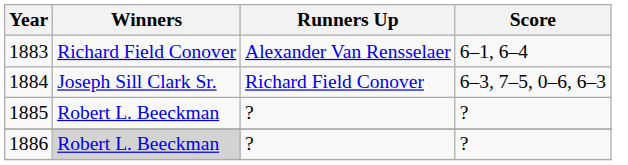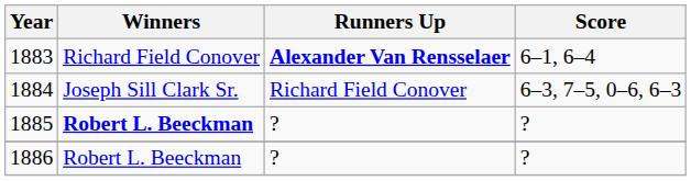 <table class="wikitable sortable">
 <tr>
 <th>Year</th>
 <th>Winners</th>
 <th>Runners Up</th>
 <th class="unsortable">Score</th>
 </tr>
 <tr>
 <td>1883 </td>
 <td> <a href='#'>Richard Field Conover</a></td>
-<td> <a href='#'>Alexander Van Rensselaer</a></td>
+<td><strong> <a href='#'>Alexander Van Rensselaer</a></strong></td>
 <td>6–1, 6–4 </td>
 </tr>
 <tr>
 <td>1884 </td>
 <td> <a href='#'>Joseph Sill Clark Sr.</a></td>
 <td> <a href='#'>Richard Field Conover</a></td>
 <td>6–3, 7–5, 0–6, 6–3</td>
 </tr>
 <tr>
 <td>1885</td>
-<td> <a href='#'>Robert L. Beeckman</a></td>
+<td><strong> <a href='#'>Robert L. Beeckman</a></strong></td>
 <td>?</td>
 <td>?</td>
 </tr>
 <tr>
 </tr>
 <tr>
 <td>1886</td>
-<td style="background: lightgrey;"> <a href='#'>Robert L. Beeckman</a></td>
+<td> <a href='#'>Robert L. Beeckman</a></td>
 <td>?</td>
 <td>?</td>
 </tr>
 <tr>
 </tr>
 </table>
